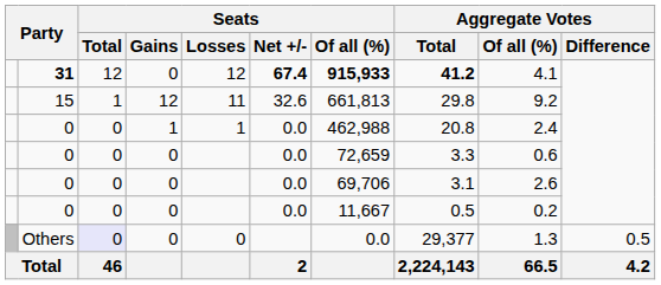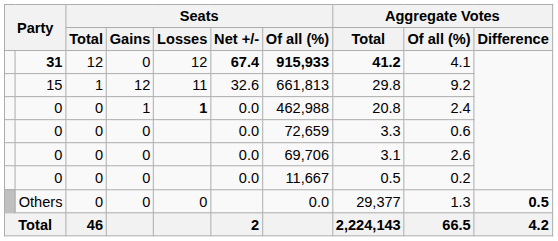 <table class="wikitable sortable" style="text-align:right; font-size:95%;">
 <tr>
 <th colspan="2" rowspan="2">Party</th>
 <th colspan="5">Seats</th>
 <th colspan="3">Aggregate Votes</th>
 </tr>
 <tr>
 <th>Total</th>
 <th>Gains</th>
 <th>Losses</th>
 <th>Net +/-</th>
 <th>Of all (%)</th>
 <th>Total</th>
 <th>Of all (%)</th>
 <th>Difference</th>
 </tr>
 <tr>
 <td></td>
 <td><strong>31</strong></td>
 <td>12</td>
 <td>0</td>
 <td>12</td>
 <td><strong>67.4</strong></td>
 <td><strong>915,933</strong></td>
 <td><strong>41.2</strong></td>
 <td>4.1</td>
 </tr>
 <tr>
 <td></td>
 <td>15</td>
 <td>1</td>
 <td>12</td>
 <td>11</td>
 <td>32.6</td>
 <td>661,813</td>
 <td>29.8</td>
 <td>9.2</td>
 </tr>
 <tr>
 <td></td>
 <td>0</td>
 <td>0</td>
 <td>1</td>
-<td>1</td>
+<td><strong>1</strong></td>
 <td>0.0</td>
 <td>462,988</td>
 <td>20.8</td>
 <td>2.4</td>
 </tr>
 <tr>
 <td></td>
 <td>0</td>
 <td>0</td>
 <td>0</td>
 <td></td>
 <td>0.0</td>
 <td>72,659</td>
 <td>3.3</td>
 <td>0.6</td>
 </tr>
 <tr>
 <td></td>
 <td>0</td>
 <td>0</td>
 <td>0</td>
 <td></td>
 <td>0.0</td>
 <td>69,706</td>
 <td>3.1</td>
 <td>2.6</td>
 </tr>
 <tr>
 <td></td>
 <td>0</td>
 <td>0</td>
 <td>0</td>
 <td></td>
 <td>0.0</td>
 <td>11,667</td>
 <td>0.5</td>
 <td>0.2</td>
 </tr>
 <tr>
 <td style="background:silver;"> </td>
 <td align=left>Others</td>
-<td style="background: lavender;">0</td>
+<td>0</td>
 <td>0</td>
 <td>0</td>
 <td></td>
 <td>0.0</td>
 <td>29,377</td>
 <td>1.3</td>
-<td>0.5</td>
+<td><strong>0.5</strong></td>
 </tr>
 <tr class="sortbottom">
 <th colspan="2" style="background:#f2f2f2"><strong>Total</strong></th>
 <td style="background:#f2f2f2;"><strong>46</strong></td>
 <td style="background:#f2f2f2;"></td>
 <td style="background:#f2f2f2;"></td>
 <td style="background:#f2f2f2;"><strong>2</strong></td>
 <td style="background:#f2f2f2;"></td>
 <td style="background:#f2f2f2;"><strong>2,224,143</strong></td>
 <td style="background:#f2f2f2;"><strong>66.5</strong></td>
 <td style="background:#f2f2f2;"><strong>4.2</strong></td>
 </tr>
 </table>
